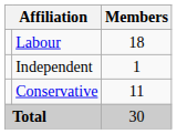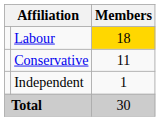 <table class="wikitable">
 <tr>
 <th colspan="2">Affiliation</th>
 <th>Members</th>
 </tr>
 <tr>
 <td style="color:inherit;background:"></td>
 <td><a href='#'>Labour</a></td>
-<td style="text-align:center;">18</td>
+<td style="background: gold; text-align:center;">18</td>
+</tr>
+<tr>
+<td style="color:inherit;background:"></td>
+<td><a href='#'>Conservative</a></td>
+<td style="text-align:center;">11</td>
 </tr>
 <tr>
 <td style="color:inherit;background:"></td>
 <td>Independent</td>
 <td style="text-align:center;">1</td>
 </tr>
-<tr>
-<td style="color:inherit;background:"></td>
-<td><a href='#'>Conservative</a></td>
-<td style="text-align:center;">11</td>
-</tr>
 <tr style="background:#ccc;">
 <td colspan="2"> <strong>Total</strong></td>
 <td style="text-align:center;">30</td>
 </tr>
 </table>
